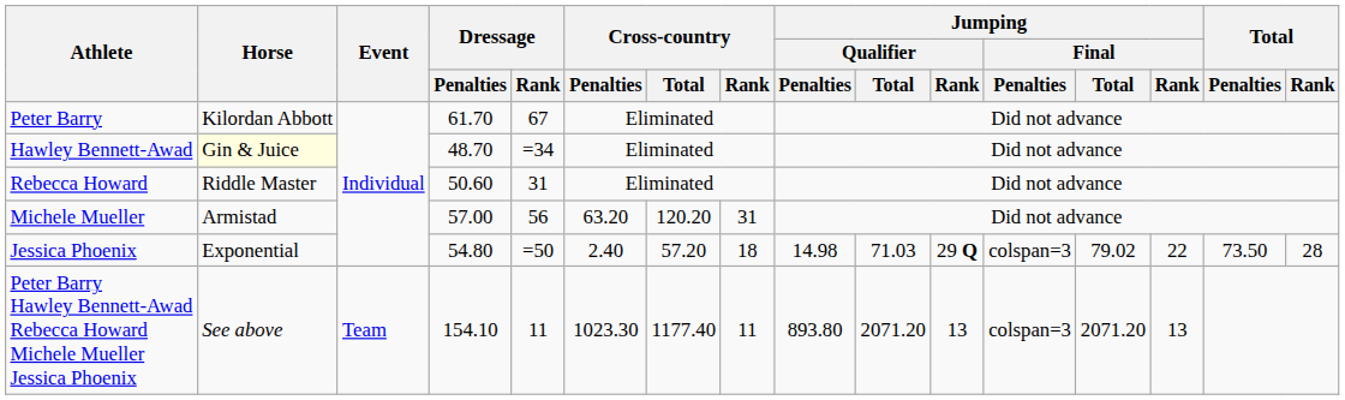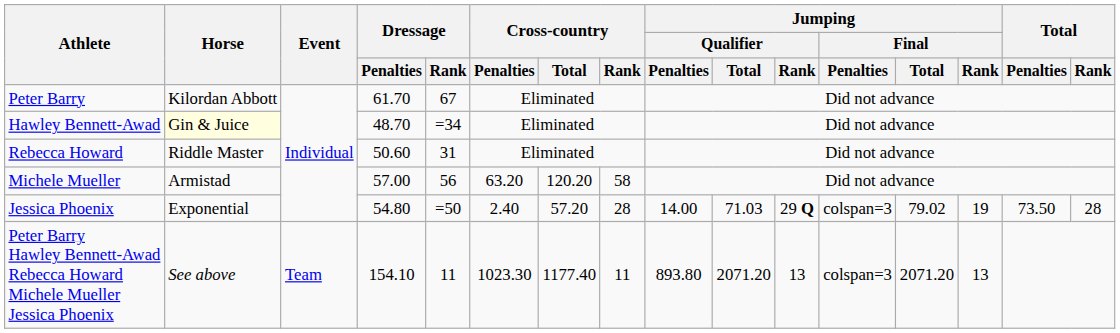 <table class=wikitable style="font-size:90%">
 <tr>
 <th rowspan="3">Athlete</th>
 <th rowspan="3">Horse</th>
 <th rowspan="3">Event</th>
 <th colspan="2" rowspan="2">Dressage</th>
 <th colspan="3" rowspan="2">Cross-country</th>
 <th colspan="6">Jumping</th>
 <th colspan="3" rowspan="2">Total</th>
 </tr>
 <tr style="font-size:95%">
 <th colspan="3">Qualifier</th>
 <th colspan="3">Final</th>
 </tr>
 <tr style="font-size:95%">
 <th>Penalties</th>
 <th>Rank</th>
 <th>Penalties</th>
 <th>Total</th>
 <th>Rank</th>
 <th>Penalties</th>
 <th>Total</th>
 <th>Rank</th>
 <th>Penalties</th>
 <th>Total</th>
 <th>Rank</th>
 <th>Penalties</th>
 <th>Rank</th>
 </tr>
 <tr align=center>
 <td align=left><a href='#'>Peter Barry</a></td>
 <td align=left>Kilordan Abbott</td>
 <td align=left rowspan=5><a href='#'>Individual</a></td>
 <td>61.70</td>
 <td>67</td>
 <td colspan=3>Eliminated</td>
 <td colspan=8>Did not advance</td>
 </tr>
 <tr align=center>
 <td align=left><a href='#'>Hawley Bennett-Awad</a></td>
 <td align=left style="background: lightyellow;">Gin & Juice</td>
 <td>48.70</td>
 <td>=34</td>
 <td colspan=3>Eliminated</td>
 <td colspan=8>Did not advance</td>
 </tr>
 <tr align=center>
 <td align=left><a href='#'>Rebecca Howard</a></td>
 <td align=left>Riddle Master</td>
 <td>50.60</td>
 <td>31</td>
 <td colspan=3>Eliminated</td>
 <td colspan=8>Did not advance</td>
 </tr>
 <tr align=center>
 <td align=left><a href='#'>Michele Mueller</a></td>
 <td align=left>Armistad</td>
 <td>57.00</td>
 <td>56</td>
 <td>63.20</td>
 <td>120.20</td>
-<td>31</td>
+<td>58</td>
 <td colspan=8>Did not advance</td>
 </tr>
 <tr align=center>
 <td align=left><a href='#'>Jessica Phoenix</a></td>
 <td align=left>Exponential</td>
 <td>54.80</td>
 <td>=50</td>
 <td>2.40</td>
 <td>57.20</td>
-<td>18</td>
-<td>14.98</td>
+<td>28</td>
+<td>14.00</td>
 <td>71.03</td>
 <td>29 <strong>Q</strong></td>
 <td>colspan=3 </td>
 <td>79.02</td>
-<td>22</td>
+<td>19</td>
 <td>73.50</td>
 <td>28</td>
 </tr>
 <tr align=center>
 <td align=left><a href='#'>Peter Barry</a><br><a href='#'>Hawley Bennett-Awad</a><br><a href='#'>Rebecca Howard</a><br><a href='#'>Michele Mueller</a><br><a href='#'>Jessica Phoenix</a></td>
 <td align=left><em>See above</em></td>
 <td align=left><a href='#'>Team</a></td>
 <td>154.10</td>
 <td>11</td>
 <td>1023.30</td>
 <td>1177.40</td>
 <td>11</td>
 <td>893.80</td>
 <td>2071.20</td>
 <td>13</td>
 <td>colspan=3 </td>
 <td>2071.20</td>
 <td>13</td>
 </tr>
 </table>
